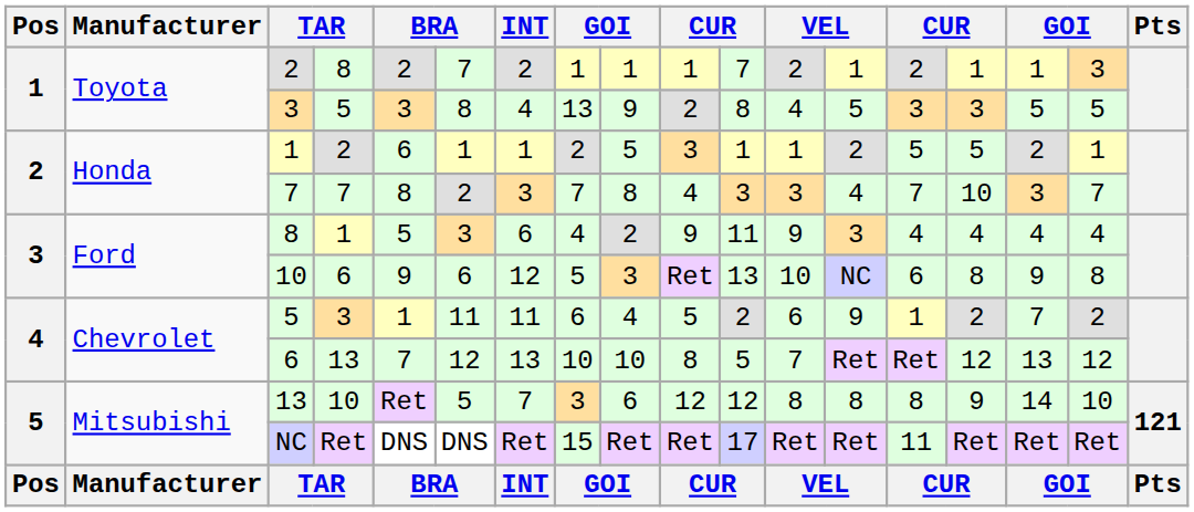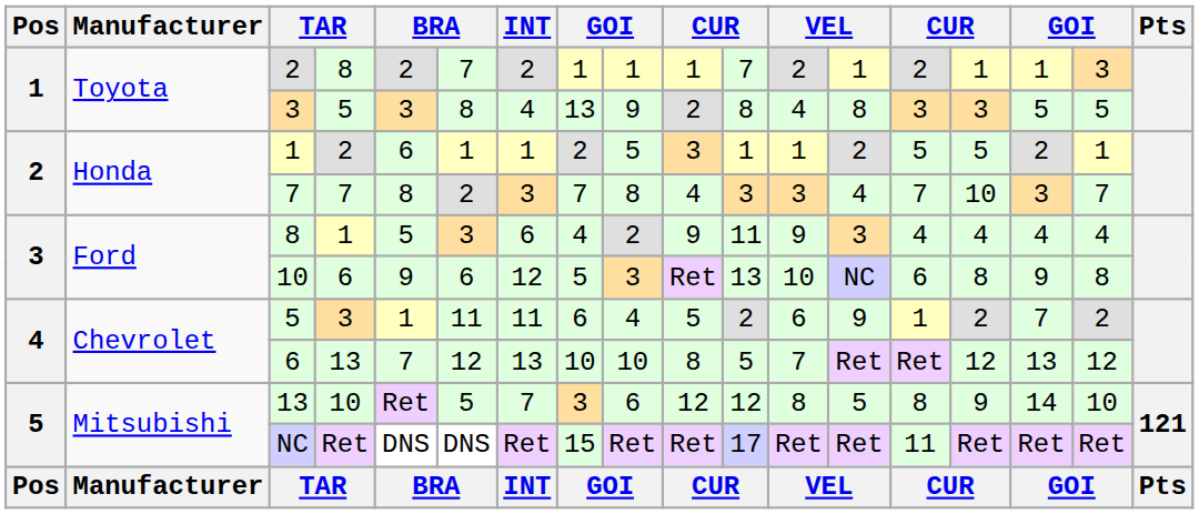 <table align="left"| class="wikitable" style="font-size: 85%; text-align: center">
 <tr valign="top">
 <th valign="middle">Pos</th>
 <th valign="middle">Manufacturer</th>
 <th colspan=2><a href='#'>TAR</a></th>
 <th colspan=2><a href='#'>BRA</a></th>
 <th><a href='#'>INT</a></th>
 <th colspan=2><a href='#'>GOI</a></th>
 <th colspan=2><a href='#'>CUR</a></th>
 <th colspan=2><a href='#'>VEL</a></th>
 <th colspan=2><a href='#'>CUR</a></th>
 <th colspan=2><a href='#'>GOI</a></th>
 <th valign="middle">Pts</th>
 </tr>
 <tr>
 <th rowspan=2>1</th>
 <td align="left" rowspan=2><a href='#'>Toyota</a></td>
 <td style="background:#DFDFDF;">2</td>
 <td style="background:#DFFFDF;">8</td>
 <td style="background:#DFDFDF;">2</td>
 <td style="background:#DFFFDF;">7</td>
 <td style="background:#DFDFDF;">2</td>
 <td style="background:#FFFFBF;">1</td>
 <td style="background:#FFFFBF;">1</td>
 <td style="background:#FFFFBF;">1</td>
 <td style="background:#DFFFDF;">7</td>
 <td style="background:#DFDFDF;">2</td>
 <td style="background:#FFFFBF;">1</td>
 <td style="background:#DFDFDF;">2</td>
 <td style="background:#FFFFBF;">1</td>
 <td style="background:#FFFFBF;">1</td>
 <td style="background:#FFDF9F;">3</td>
 <th rowspan=2></th>
 </tr>
 <tr>
 <td style="background:#FFDF9F;">3</td>
 <td style="background:#DFFFDF;">5</td>
 <td style="background:#FFDF9F;">3</td>
 <td style="background:#DFFFDF;">8</td>
 <td style="background:#DFFFDF;">4</td>
 <td style="background:#DFFFDF;">13</td>
 <td style="background:#DFFFDF;">9</td>
 <td style="background:#DFDFDF;">2</td>
 <td style="background:#DFFFDF;">8</td>
 <td style="background:#DFFFDF;">4</td>
-<td style="background:#DFFFDF;">5</td>
+<td style="background:#DFFFDF;">8</td>
 <td style="background:#FFDF9F;">3</td>
 <td style="background:#FFDF9F;">3</td>
 <td style="background:#DFFFDF;">5</td>
 <td style="background:#DFFFDF;">5</td>
 </tr>
 <tr>
 <th rowspan=2>2</th>
 <td align="left" rowspan=2><a href='#'>Honda</a></td>
 <td style="background:#FFFFBF;">1</td>
 <td style="background:#DFDFDF;">2</td>
 <td style="background:#DFFFDF;">6</td>
 <td style="background:#FFFFBF;">1</td>
 <td style="background:#FFFFBF;">1</td>
 <td style="background:#DFDFDF;">2</td>
 <td style="background:#DFFFDF;">5</td>
 <td style="background:#FFDF9F;">3</td>
 <td style="background:#FFFFBF;">1</td>
 <td style="background:#FFFFBF;">1</td>
 <td style="background:#DFDFDF;">2</td>
 <td style="background:#DFFFDF;">5</td>
 <td style="background:#DFFFDF;">5</td>
 <td style="background:#DFDFDF;">2</td>
 <td style="background:#FFFFBF;">1</td>
 <th rowspan=2></th>
 </tr>
 <tr>
 <td style="background:#DFFFDF;">7</td>
 <td style="background:#DFFFDF;">7</td>
 <td style="background:#DFFFDF;">8</td>
 <td style="background:#DFDFDF;">2</td>
 <td style="background:#FFDF9F;">3</td>
 <td style="background:#DFFFDF;">7</td>
 <td style="background:#DFFFDF;">8</td>
 <td style="background:#DFFFDF;">4</td>
 <td style="background:#FFDF9F;">3</td>
 <td style="background:#FFDF9F;">3</td>
 <td style="background:#DFFFDF;">4</td>
 <td style="background:#DFFFDF;">7</td>
 <td style="background:#DFFFDF;">10</td>
 <td style="background:#FFDF9F;">3</td>
 <td style="background:#DFFFDF;">7</td>
 </tr>
 <tr>
 <th rowspan=2>3</th>
 <td align="left" rowspan=2><a href='#'>Ford</a></td>
 <td style="background:#DFFFDF;">8</td>
 <td style="background:#FFFFBF;">1</td>
 <td style="background:#DFFFDF;">5</td>
 <td style="background:#FFDF9F;">3</td>
 <td style="background:#DFFFDF;">6</td>
 <td style="background:#DFFFDF;">4</td>
 <td style="background:#DFDFDF;">2</td>
 <td style="background:#DFFFDF;">9</td>
 <td style="background:#DFFFDF;">11</td>
 <td style="background:#DFFFDF;">9</td>
 <td style="background:#FFDF9F;">3</td>
 <td style="background:#DFFFDF;">4</td>
 <td style="background:#DFFFDF;">4</td>
 <td style="background:#DFFFDF;">4</td>
 <td style="background:#DFFFDF;">4</td>
 <th rowspan=2></th>
 </tr>
 <tr>
 <td style="background:#DFFFDF;">10</td>
 <td style="background:#DFFFDF;">6</td>
 <td style="background:#DFFFDF;">9</td>
 <td style="background:#DFFFDF;">6</td>
 <td style="background:#DFFFDF;">12</td>
 <td style="background:#DFFFDF;">5</td>
 <td style="background:#FFDF9F;">3</td>
 <td style="background:#efcfff;">Ret</td>
 <td style="background:#DFFFDF;">13</td>
 <td style="background:#DFFFDF;">10</td>
 <td style="background:#cfcfff;">NC</td>
 <td style="background:#DFFFDF;">6</td>
 <td style="background:#DFFFDF;">8</td>
 <td style="background:#DFFFDF;">9</td>
 <td style="background:#DFFFDF;">8</td>
 </tr>
 <tr>
 <th rowspan=2>4</th>
 <td align="left" rowspan=2><a href='#'>Chevrolet</a></td>
 <td style="background:#DFFFDF;">5</td>
 <td style="background:#FFDF9F;">3</td>
 <td style="background:#FFFFBF;">1</td>
 <td style="background:#DFFFDF;">11</td>
 <td style="background:#DFFFDF;">11</td>
 <td style="background:#DFFFDF;">6</td>
 <td style="background:#DFFFDF;">4</td>
 <td style="background:#DFFFDF;">5</td>
 <td style="background:#DFDFDF;">2</td>
 <td style="background:#DFFFDF;">6</td>
 <td style="background:#DFFFDF;">9</td>
 <td style="background:#FFFFBF;">1</td>
 <td style="background:#DFDFDF;">2</td>
 <td style="background:#DFFFDF;">7</td>
 <td style="background:#DFDFDF;">2</td>
 <th rowspan=2></th>
 </tr>
 <tr>
 <td style="background:#DFFFDF;">6</td>
 <td style="background:#DFFFDF;">13</td>
 <td style="background:#DFFFDF;">7</td>
 <td style="background:#DFFFDF;">12</td>
 <td style="background:#DFFFDF;">13</td>
 <td style="background:#DFFFDF;">10</td>
 <td style="background:#DFFFDF;">10</td>
 <td style="background:#DFFFDF;">8</td>
 <td style="background:#DFFFDF;">5</td>
 <td style="background:#DFFFDF;">7</td>
 <td style="background:#efcfff;">Ret</td>
 <td style="background:#efcfff;">Ret</td>
 <td style="background:#DFFFDF;">12</td>
 <td style="background:#DFFFDF;">13</td>
 <td style="background:#DFFFDF;">12</td>
 </tr>
 <tr>
 <th rowspan=2>5</th>
 <td align="left" rowspan=2><a href='#'>Mitsubishi</a></td>
 <td style="background:#DFFFDF;">13</td>
 <td style="background:#DFFFDF;">10</td>
 <td style="background:#efcfff;">Ret</td>
 <td style="background:#DFFFDF;">5</td>
 <td style="background:#DFFFDF;">7</td>
 <td style="background:#FFDF9F;">3</td>
 <td style="background:#DFFFDF;">6</td>
 <td style="background:#DFFFDF;">12</td>
 <td style="background:#DFFFDF;">12</td>
 <td style="background:#DFFFDF;">8</td>
-<td style="background:#DFFFDF;">8</td>
+<td style="background:#DFFFDF;">5</td>
 <td style="background:#DFFFDF;">8</td>
 <td style="background:#DFFFDF;">9</td>
 <td style="background:#DFFFDF;">14</td>
 <td style="background:#DFFFDF;">10</td>
 <th rowspan=2>121</th>
 </tr>
 <tr>
 <td style="background:#cfcfff;">NC</td>
 <td style="background:#efcfff;">Ret</td>
 <td style="background:#ffffff;">DNS</td>
 <td style="background:#ffffff;">DNS</td>
 <td style="background:#efcfff;">Ret</td>
 <td style="background:#DFFFDF;">15</td>
 <td style="background:#efcfff;">Ret</td>
 <td style="background:#efcfff;">Ret</td>
 <td style="background:#cfcfff;">17</td>
 <td style="background:#efcfff;">Ret</td>
 <td style="background:#efcfff;">Ret</td>
 <td style="background:#DFFFDF;">11</td>
 <td style="background:#efcfff;">Ret</td>
 <td style="background:#efcfff;">Ret</td>
 <td style="background:#efcfff;">Ret</td>
 </tr>
 <tr valign="top">
 <th valign="middle">Pos</th>
 <th valign="middle">Manufacturer</th>
 <th colspan=2><a href='#'>TAR</a></th>
 <th colspan=2><a href='#'>BRA</a></th>
 <th><a href='#'>INT</a></th>
 <th colspan=2><a href='#'>GOI</a></th>
 <th colspan=2><a href='#'>CUR</a></th>
 <th colspan=2><a href='#'>VEL</a></th>
 <th colspan=2><a href='#'>CUR</a></th>
 <th colspan=2><a href='#'>GOI</a></th>
 <th valign="middle">Pts</th>
 </tr>
 </table>
